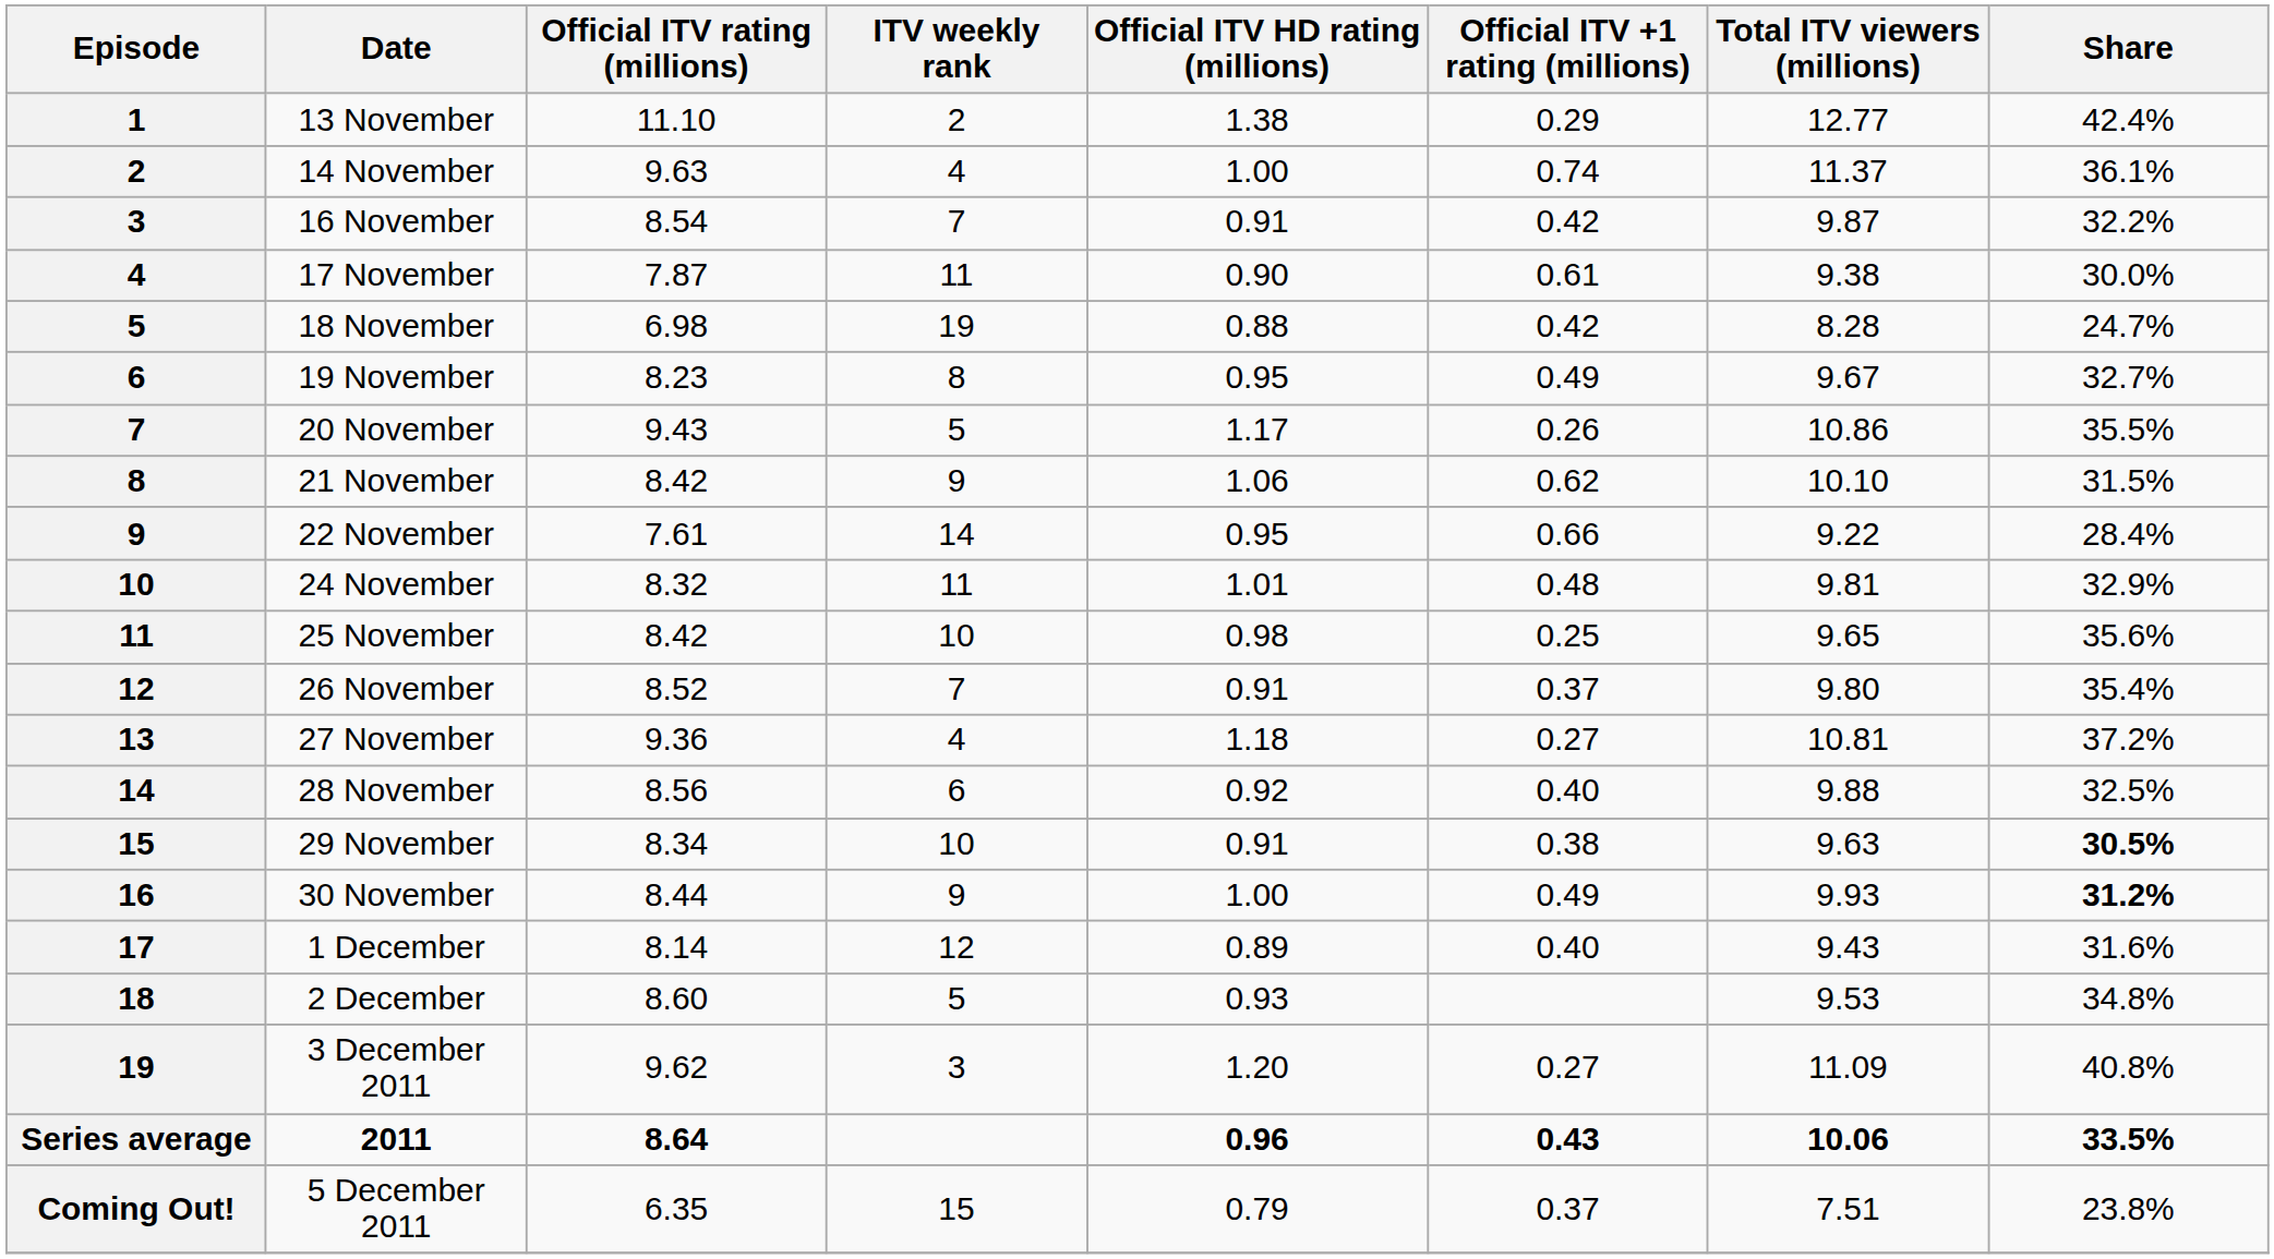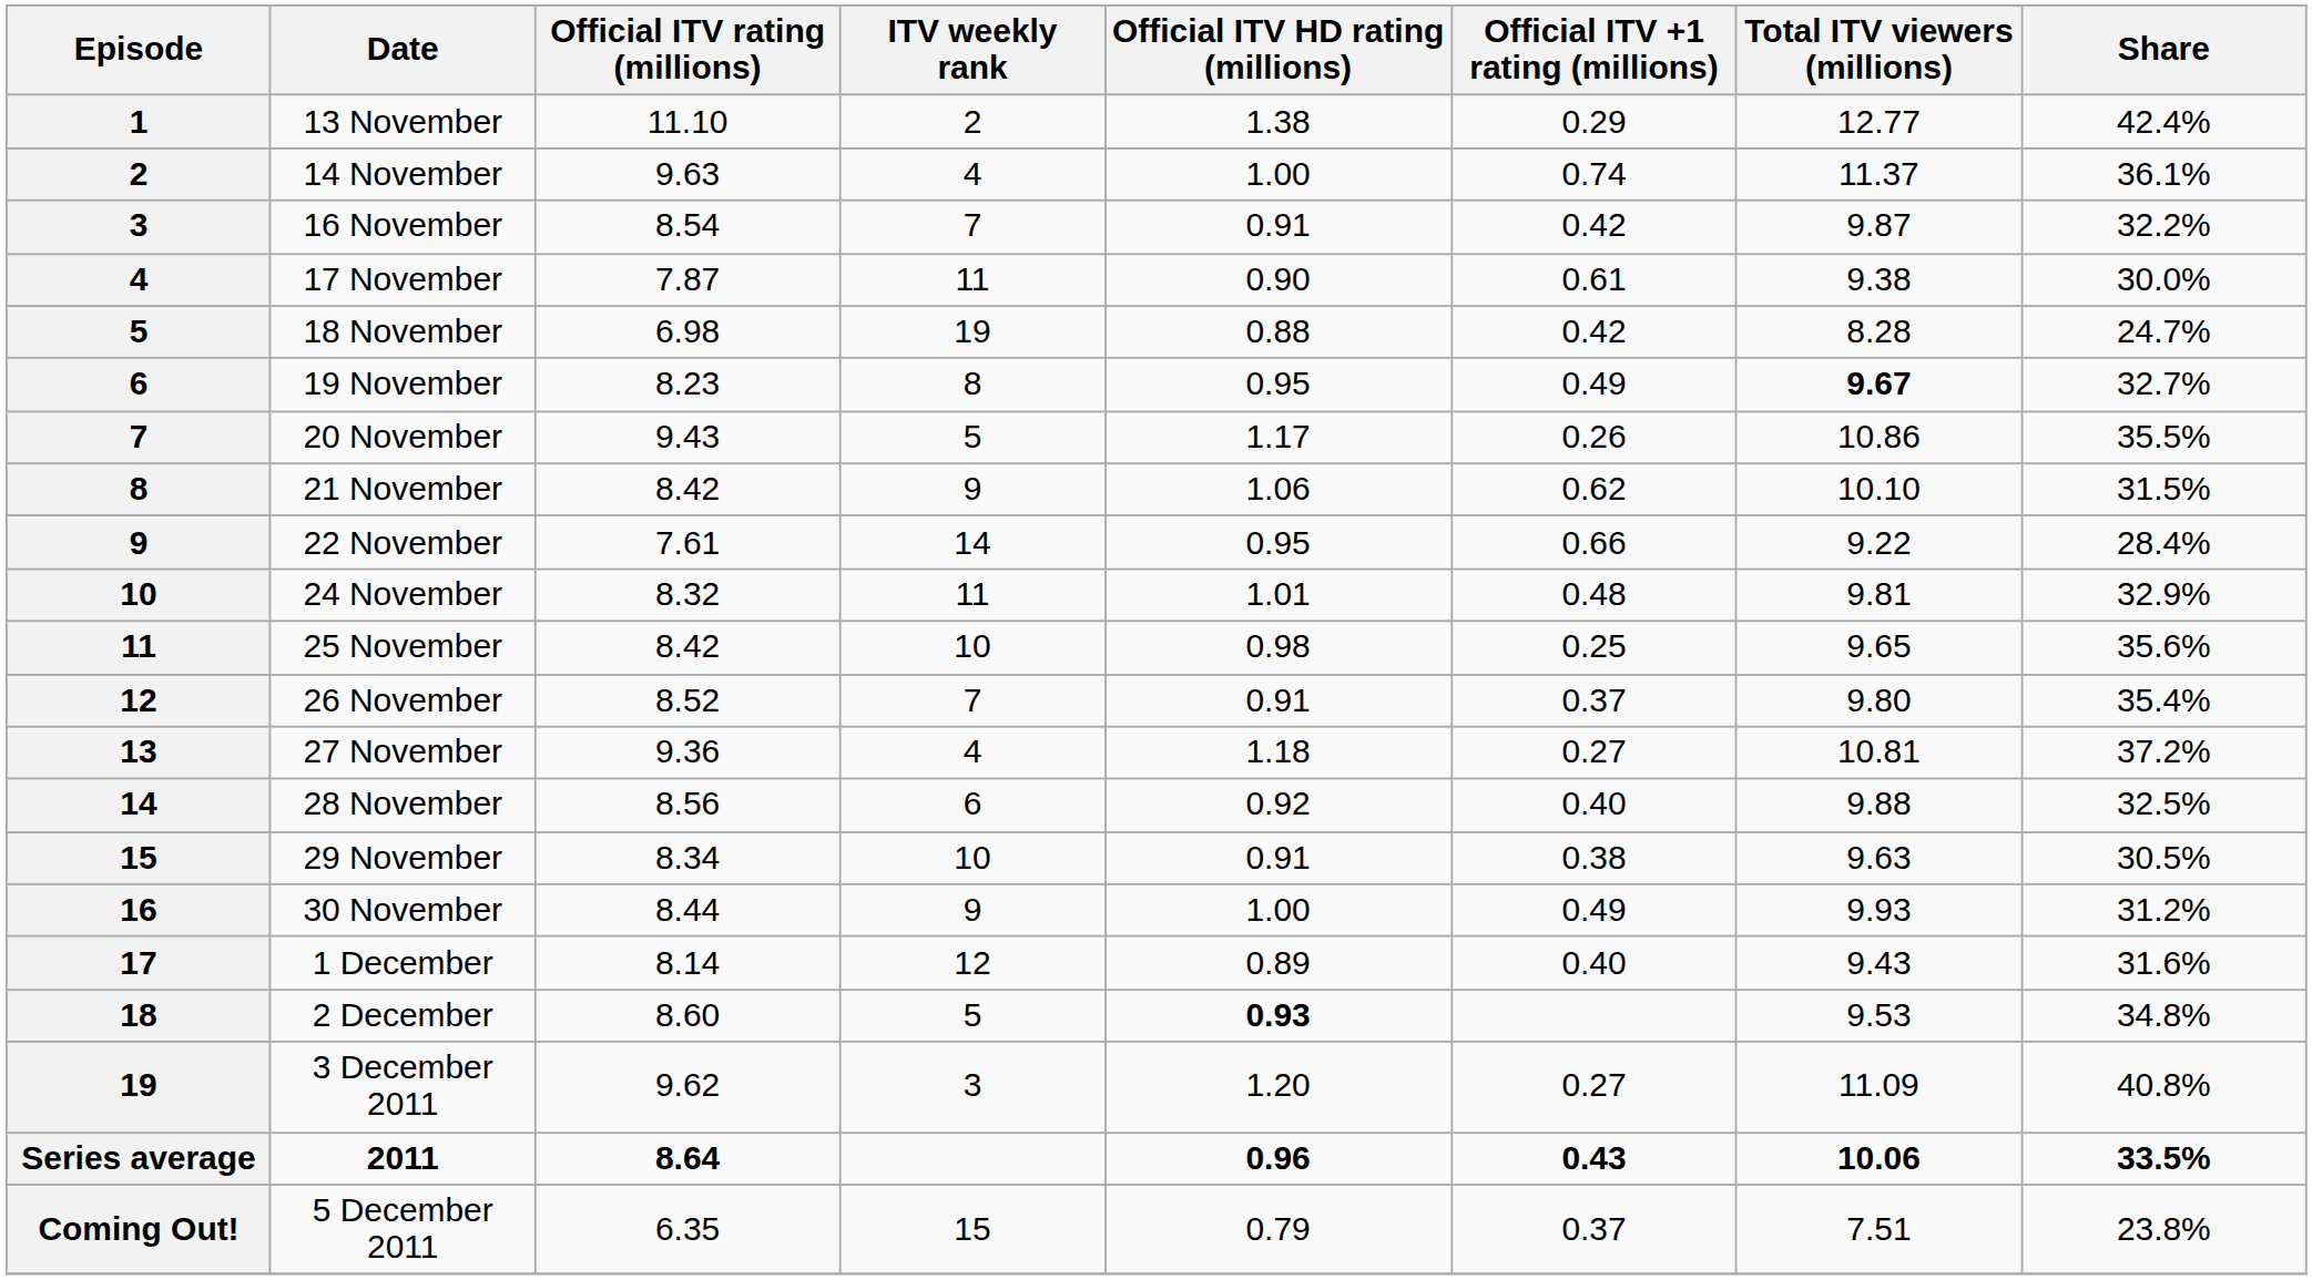 <table class="wikitable" style="text-align:center; margin: 1em auto 1em auto">
 <tr>
 <th scope="col" style="width:120px;">Episode</th>
 <th scope="col" style="width:120px;">Date</th>
 <th scope="col" style="width:140px;">Official ITV rating<br>(millions)</th>
 <th scope="col" style="width:120px;">ITV weekly rank</th>
 <th scope="col" style="width:160px;">Official ITV HD rating<br>(millions)</th>
 <th scope="col" style="width:130px;">Official ITV +1 rating (millions) </th>
 <th scope="col" style="width:130px;">Total ITV viewers (millions)</th>
 <th scope="col" style="width:130px;">Share</th>
 </tr>
 <tr>
 <th>1</th>
 <td>13 November</td>
 <td>11.10</td>
 <td>2</td>
 <td>1.38</td>
 <td>0.29</td>
 <td>12.77</td>
 <td>42.4%</td>
 </tr>
 <tr>
 <th>2</th>
 <td>14 November</td>
 <td>9.63</td>
 <td>4</td>
 <td>1.00</td>
 <td>0.74</td>
 <td>11.37</td>
 <td>36.1%</td>
 </tr>
 <tr>
 <th>3</th>
 <td>16 November</td>
 <td>8.54</td>
 <td>7</td>
 <td>0.91</td>
 <td>0.42</td>
 <td>9.87</td>
 <td>32.2%</td>
 </tr>
 <tr>
 <th>4</th>
 <td>17 November</td>
 <td>7.87</td>
 <td>11</td>
 <td>0.90</td>
 <td>0.61</td>
 <td>9.38</td>
 <td>30.0%</td>
 </tr>
 <tr>
 <th>5</th>
 <td>18 November</td>
 <td>6.98</td>
 <td>19</td>
 <td>0.88</td>
 <td>0.42</td>
 <td>8.28</td>
 <td>24.7%</td>
 </tr>
 <tr>
 <th>6</th>
 <td>19 November</td>
 <td>8.23</td>
 <td>8</td>
 <td>0.95</td>
 <td>0.49</td>
-<td>9.67</td>
+<td><strong>9.67</strong></td>
 <td>32.7%</td>
 </tr>
 <tr>
 <th>7</th>
 <td>20 November</td>
 <td>9.43</td>
 <td>5</td>
 <td>1.17</td>
 <td>0.26</td>
 <td>10.86</td>
 <td>35.5%</td>
 </tr>
 <tr>
 <th>8</th>
 <td>21 November</td>
 <td>8.42</td>
 <td>9</td>
 <td>1.06</td>
 <td>0.62</td>
 <td>10.10</td>
 <td>31.5%</td>
 </tr>
 <tr>
 <th>9</th>
 <td>22 November</td>
 <td>7.61</td>
 <td>14</td>
 <td>0.95</td>
 <td>0.66</td>
 <td>9.22</td>
 <td>28.4%</td>
 </tr>
 <tr>
 <th>10</th>
 <td>24 November</td>
 <td>8.32</td>
 <td>11</td>
 <td>1.01</td>
 <td>0.48</td>
 <td>9.81</td>
 <td>32.9%</td>
 </tr>
 <tr>
 <th>11</th>
 <td>25 November</td>
 <td>8.42</td>
 <td>10</td>
 <td>0.98</td>
 <td>0.25</td>
 <td>9.65</td>
 <td>35.6%</td>
 </tr>
 <tr>
 <th>12</th>
 <td>26 November</td>
 <td>8.52</td>
 <td>7</td>
 <td>0.91</td>
 <td>0.37</td>
 <td>9.80</td>
 <td>35.4%</td>
 </tr>
 <tr>
 <th>13</th>
 <td>27 November</td>
 <td>9.36</td>
 <td>4</td>
 <td>1.18</td>
 <td>0.27</td>
 <td>10.81</td>
 <td>37.2%</td>
 </tr>
 <tr>
 <th>14</th>
 <td>28 November</td>
 <td>8.56</td>
 <td>6</td>
 <td>0.92</td>
 <td>0.40</td>
 <td>9.88</td>
 <td>32.5%</td>
 </tr>
 <tr>
 <th>15</th>
 <td>29 November</td>
 <td>8.34</td>
 <td>10</td>
 <td>0.91</td>
 <td>0.38</td>
 <td>9.63</td>
-<td><strong>30.5%</strong></td>
+<td>30.5%</td>
 </tr>
 <tr>
 <th>16</th>
 <td>30 November</td>
 <td>8.44</td>
 <td>9</td>
 <td>1.00</td>
 <td>0.49</td>
 <td>9.93</td>
-<td><strong>31.2%</strong></td>
+<td>31.2%</td>
 </tr>
 <tr>
 <th>17</th>
 <td>1 December</td>
 <td>8.14</td>
 <td>12</td>
 <td>0.89</td>
 <td>0.40</td>
 <td>9.43</td>
 <td>31.6%</td>
 </tr>
 <tr>
 <th>18</th>
 <td>2 December</td>
 <td>8.60</td>
 <td>5</td>
-<td>0.93</td>
+<td><strong>0.93</strong></td>
 <td></td>
 <td>9.53</td>
 <td>34.8%</td>
 </tr>
 <tr>
 <th>19</th>
 <td>3 December 2011</td>
 <td>9.62</td>
 <td>3</td>
 <td>1.20</td>
 <td>0.27</td>
 <td>11.09</td>
 <td>40.8%</td>
 </tr>
 <tr>
 <th>Series average</th>
 <td><strong>2011</strong></td>
 <td><strong>8.64</strong></td>
 <td></td>
 <td><strong>0.96</strong></td>
 <td><strong>0.43</strong></td>
 <td><strong>10.06</strong></td>
 <td><strong>33.5%</strong></td>
 </tr>
 <tr>
 <th>Coming Out!</th>
 <td>5 December 2011</td>
 <td>6.35</td>
 <td>15</td>
 <td>0.79</td>
 <td>0.37</td>
 <td>7.51</td>
 <td>23.8%</td>
 </tr>
 <tr>
 </tr>
 </table>
